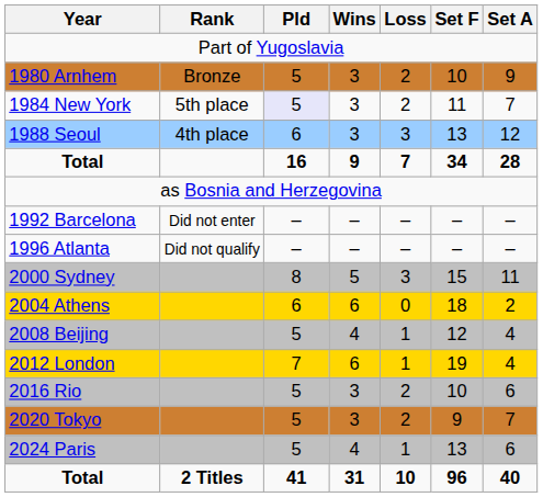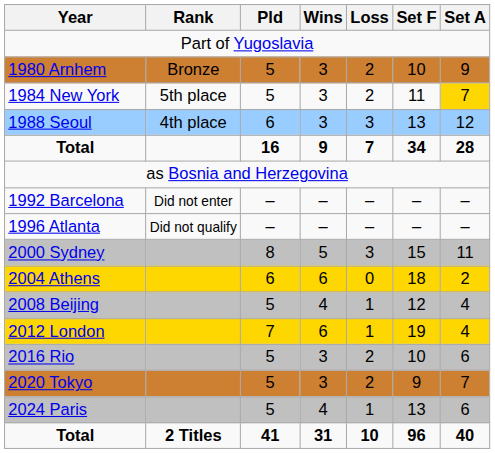 <table class="wikitable" style="text-align: center;">
 <tr>
 <th style="width:130px;">Year</th>
 <th !style="width:100px;">Rank</th>
 <th ! style="width:50px;">Pld</th>
 <th !style="width:10px;">Wins</th>
 <th !style="width:10px;">Loss</th>
 <th !style="width:10px;">Set F</th>
 <th !style="width:10px;">Set A</th>
 </tr>
 <tr>
 <td colspan="7" style="text-align: center;">Part of <a href='#'>Yugoslavia</a></td>
 </tr>
 <tr style="background:#cd7f32;">
 <td style="text-align:left;"> <a href='#'>1980 Arnhem</a></td>
 <td> Bronze</td>
 <td style="text-align:center;">5</td>
 <td style="text-align:center;">3</td>
 <td style="text-align:center;">2</td>
 <td style="text-align:center;">10</td>
 <td style="text-align:center;">9</td>
 </tr>
 <tr>
 <td style="text-align:left;"> <a href='#'>1984 New York</a></td>
 <td>5th place</td>
-<td style="background: lavender; text-align:center;">5</td>
+<td style="text-align:center;">5</td>
 <td style="text-align:center;">3</td>
 <td style="text-align:center;">2</td>
 <td style="text-align:center;">11</td>
-<td style="text-align:center;">7</td>
+<td style="background: gold; text-align:center;">7</td>
 </tr>
 <tr style="background:#9acdff;">
 <td style="text-align:left;"> <a href='#'>1988 Seoul</a></td>
 <td>4th place</td>
 <td style="text-align:center;">6</td>
 <td style="text-align:center;">3</td>
 <td style="text-align:center;">3</td>
 <td style="text-align:center;">13</td>
 <td style="text-align:center;">12</td>
 </tr>
 <tr>
 <td style="text-align:center;"><strong>Total</strong></td>
 <td></td>
 <td style="text-align:center;"><strong>16</strong></td>
 <td style="text-align:center;"><strong>9</strong></td>
 <td style="text-align:center;"><strong>7</strong></td>
 <td style="text-align:center;"><strong>34</strong></td>
 <td style="text-align:center;"><strong>28</strong></td>
 </tr>
 <tr>
 <td colspan="7" style="text-align: center;">as <a href='#'>Bosnia and Herzegovina</a></td>
 </tr>
 <tr>
 <td style="text-align:left;"> <a href='#'>1992 Barcelona</a></td>
 <td><small>Did not enter </small></td>
 <td style="text-align:center;">–</td>
 <td style="text-align:center;">–</td>
 <td style="text-align:center;">–</td>
 <td style="text-align:center;">–</td>
 <td style="text-align:center;">–</td>
 </tr>
 <tr>
 <td style="text-align:left;"> <a href='#'>1996 Atlanta</a></td>
 <td><small>Did not qualify </small></td>
 <td style="text-align:center;">–</td>
 <td style="text-align:center;">–</td>
 <td style="text-align:center;">–</td>
 <td style="text-align:center;">–</td>
 <td style="text-align:center;">–</td>
 </tr>
 <tr style="background:silver;">
 <td style="text-align:left;"> <a href='#'>2000 Sydney</a></td>
 <td></td>
 <td style="text-align:center;">8</td>
 <td style="text-align:center;">5</td>
 <td style="text-align:center;">3</td>
 <td style="text-align:center;">15</td>
 <td style="text-align:center;">11</td>
 </tr>
 <tr style="background:gold;">
 <td style="text-align:left;"> <a href='#'>2004 Athens</a></td>
 <td></td>
 <td style="text-align:center;">6</td>
 <td style="text-align:center;">6</td>
 <td style="text-align:center;">0</td>
 <td style="text-align:center;">18</td>
 <td style="text-align:center;">2</td>
 </tr>
 <tr style="background:silver;">
 <td style="text-align:left;"> <a href='#'>2008 Beijing</a></td>
 <td></td>
 <td style="text-align:center;">5</td>
 <td style="text-align:center;">4</td>
 <td style="text-align:center;">1</td>
 <td style="text-align:center;">12</td>
 <td style="text-align:center;">4</td>
 </tr>
 <tr style="background:gold;">
 <td style="text-align:left;"> <a href='#'>2012 London</a></td>
 <td></td>
 <td style="text-align:center;">7</td>
 <td style="text-align:center;">6</td>
 <td style="text-align:center;">1</td>
 <td style="text-align:center;">19</td>
 <td style="text-align:center;">4</td>
 </tr>
 <tr style="background:silver;">
 <td style="text-align:left;"> <a href='#'>2016 Rio</a></td>
 <td></td>
 <td style="text-align:center;">5</td>
 <td style="text-align:center;">3</td>
 <td style="text-align:center;">2</td>
 <td style="text-align:center;">10</td>
 <td style="text-align:center;">6</td>
 </tr>
 <tr style="background:#cd7f32;">
 <td style="text-align:left;"> <a href='#'>2020 Tokyo</a></td>
 <td></td>
 <td style="text-align:center;">5</td>
 <td style="text-align:center;">3</td>
 <td style="text-align:center;">2</td>
 <td style="text-align:center;">9</td>
 <td style="text-align:center;">7</td>
 </tr>
 <tr style="background:silver;">
 <td style="text-align:left;"> <a href='#'>2024 Paris</a></td>
 <td></td>
 <td style="text-align:center;">5</td>
 <td style="text-align:center;">4</td>
 <td style="text-align:center;">1</td>
 <td style="text-align:center;">13</td>
 <td style="text-align:center;">6</td>
 </tr>
 <tr>
 <td style="text-align:center;"><strong>Total</strong></td>
 <td><strong>2 Titles</strong></td>
 <td style="text-align:center;"><strong>41</strong></td>
 <td style="text-align:center;"><strong>31</strong></td>
 <td style="text-align:center;"><strong>10</strong></td>
 <td style="text-align:center;"><strong>96</strong></td>
 <td style="text-align:center;"><strong>40</strong></td>
 </tr>
 </table>
